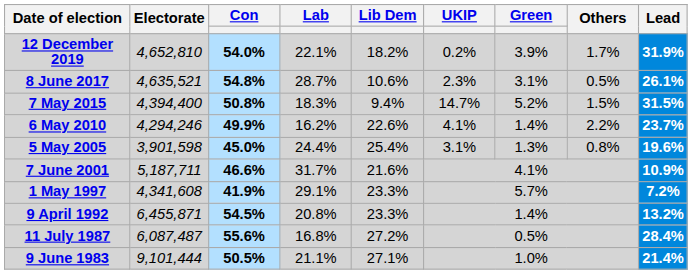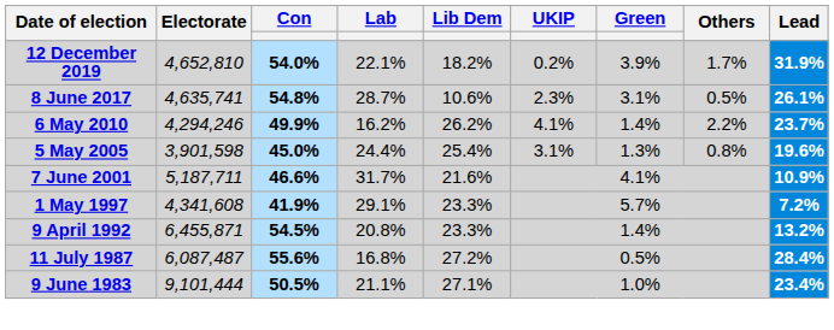 <table class="wikitable sortable" style="text-align:center;font-size:85%;line-height:14px">
 <tr>
 <th style="width:110px;" rowspan="2">Date of election</th>
 <th style="width:65px;" rowspan="2">Electorate</th>
 <th style="width:60px;" class="unsortable"><a href='#'>Con</a></th>
 <th style="width:60px;" class="unsortable"><a href='#'>Lab</a></th>
 <th style="width:60px;" class="unsortable"><a href='#'>Lib Dem</a></th>
 <th style="width:60px;" class="unsortable"><a href='#'>UKIP</a></th>
 <th style="width:60px;" class="unsortable"><a href='#'>Green</a></th>
 <th style="width:60px;" rowspan="2" class="unsortable">Others</th>
 <th class="unsortable" style="width:20px;" rowspan="2">Lead</th>
 </tr>
 <tr>
 <th class="unsortable" style="color:inherit;background:"></th>
 <th class="unsortable" style="color:inherit;background:"></th>
 <th class="unsortable" style="color:inherit;background:"></th>
 <th class="unsortable" style="color:inherit;background:"></th>
 <th class="unsortable" style="color:inherit;background:"></th>
 </tr>
 <tr>
 <td style="background:#D5D5D5"><strong><a href='#'>12 December 2019</a></strong></td>
 <td style="background:#D5D5D5"><em>4,652,810</em></td>
 <td style="background:#B3E0FF"><strong>54.0%</strong></td>
 <td style="background:#D5D5D5">22.1%</td>
 <td style="background:#D5D5D5">18.2%</td>
 <td style="background:#D5D5D5">0.2%</td>
 <td style="background:#D5D5D5">3.9%</td>
 <td style="background:#D5D5D5">1.7%</td>
 <td style="background:#0087DC; color:white;"><strong>31.9%</strong></td>
 </tr>
 <tr>
 <td style="background:#D5D5D5"><strong><a href='#'>8 June 2017</a></strong></td>
-<td style="background:#D5D5D5"><em>4,635,521</em></td>
+<td style="background:#D5D5D5"><em>4,635,741</em></td>
 <td style="background:#B3E0FF"><strong>54.8%</strong></td>
 <td style="background:#D5D5D5">28.7%</td>
 <td style="background:#D5D5D5">10.6%</td>
 <td style="background:#D5D5D5">2.3%</td>
 <td style="background:#D5D5D5">3.1%</td>
 <td style="background:#D5D5D5">0.5%</td>
 <td style="background:#0087DC; color:white;"><strong>26.1%</strong></td>
 </tr>
 <tr>
-<td style="background:#D5D5D5"><strong><a href='#'>7 May 2015</a></strong></td>
-<td style="background:#D5D5D5"><em>4,394,400</em></td>
-<td style="background:#B3E0FF"><strong>50.8%</strong></td>
-<td style="background:#D5D5D5">18.3%</td>
-<td style="background:#D5D5D5">9.4%</td>
-<td style="background:#D5D5D5">14.7%</td>
-<td style="background:#D5D5D5">5.2%</td>
-<td style="background:#D5D5D5">1.5%</td>
-<td style="background:#0087DC; color:white;"><strong>31.5%</strong></td>
-</tr>
-<tr>
 <td style="background:#D5D5D5"><strong><a href='#'>6 May 2010</a></strong></td>
 <td style="background:#D5D5D5"><em>4,294,246</em></td>
 <td style="background:#B3E0FF"><strong>49.9%</strong></td>
 <td style="background:#D5D5D5">16.2%</td>
-<td style="background:#D5D5D5">22.6%</td>
+<td style="background:#D5D5D5">26.2%</td>
 <td style="background:#D5D5D5">4.1%</td>
 <td style="background:#D5D5D5">1.4%</td>
 <td style="background:#D5D5D5">2.2%</td>
 <td style="background:#0087DC; color:white;"><strong>23.7%</strong></td>
 </tr>
 <tr>
 <td style="background:#D5D5D5"><strong><a href='#'>5 May 2005</a></strong></td>
 <td style="background:#D5D5D5"><em>3,901,598</em></td>
 <td style="background:#B3E0FF"><strong>45.0%</strong></td>
 <td style="background:#D5D5D5">24.4%</td>
 <td style="background:#D5D5D5">25.4%</td>
 <td style="background:#D5D5D5">3.1%</td>
 <td style="background:#D5D5D5">1.3%</td>
 <td style="background:#D5D5D5">0.8%</td>
 <td style="background:#0087DC; color:white;"><strong>19.6%</strong></td>
 </tr>
 <tr>
 <td style="background:#D5D5D5"><strong><a href='#'>7 June 2001</a></strong></td>
 <td style="background:#D5D5D5"><em>5,187,711</em></td>
 <td style="background:#B3E0FF"><strong>46.6%</strong></td>
 <td style="background:#D5D5D5">31.7%</td>
 <td style="background:#D5D5D5">21.6%</td>
 <td colspan=3 style="background:#D5D5D5">4.1%</td>
 <td style="background:#0087DC; color:white;"><strong>10.9%</strong></td>
 </tr>
 <tr>
 <td style="background:#D5D5D5"><strong><a href='#'>1 May 1997</a></strong></td>
 <td style="background:#D5D5D5"><em>4,341,608</em></td>
 <td style="background:#B3E0FF"><strong>41.9%</strong></td>
 <td style="background:#D5D5D5">29.1%</td>
 <td style="background:#D5D5D5">23.3%</td>
 <td colspan=3 style="background:#D5D5D5">5.7%</td>
 <td style="background:#0087DC; color:white;"><strong>7.2%</strong></td>
 </tr>
 <tr>
 <td style="background:#D5D5D5"><strong><a href='#'>9 April 1992</a></strong></td>
 <td style="background:#D5D5D5"><em>6,455,871</em></td>
 <td style="background:#B3E0FF"><strong>54.5%</strong></td>
 <td style="background:#D5D5D5">20.8%</td>
 <td style="background:#D5D5D5">23.3%</td>
 <td colspan=3 style="background:#D5D5D5">1.4%</td>
 <td style="background:#0087DC; color:white;"><strong>13.2%</strong></td>
 </tr>
 <tr>
 <td style="background:#D5D5D5"><strong><a href='#'>11 July 1987</a></strong></td>
 <td style="background:#D5D5D5"><em>6,087,487</em></td>
 <td style="background:#B3E0FF"><strong>55.6%</strong></td>
 <td style="background:#D5D5D5">16.8%</td>
 <td style="background:#D5D5D5">27.2%</td>
 <td colspan=3 style="background:#D5D5D5">0.5%</td>
 <td style="background:#0087DC; color:white;"><strong>28.4%</strong></td>
 </tr>
 <tr>
 <td style="background:#D5D5D5"><strong><a href='#'>9 June 1983</a></strong></td>
 <td style="background:#D5D5D5"><em>9,101,444</em></td>
 <td style="background:#B3E0FF"><strong>50.5%</strong></td>
 <td style="background:#D5D5D5">21.1%</td>
 <td style="background:#D5D5D5">27.1%</td>
 <td colspan=3 style="background:#D5D5D5">1.0%</td>
-<td style="background:#0087DC; color:white;"><strong>21.4%</strong></td>
+<td style="background:#0087DC; color:white;"><strong>23.4%</strong></td>
 </tr>
 </table>
